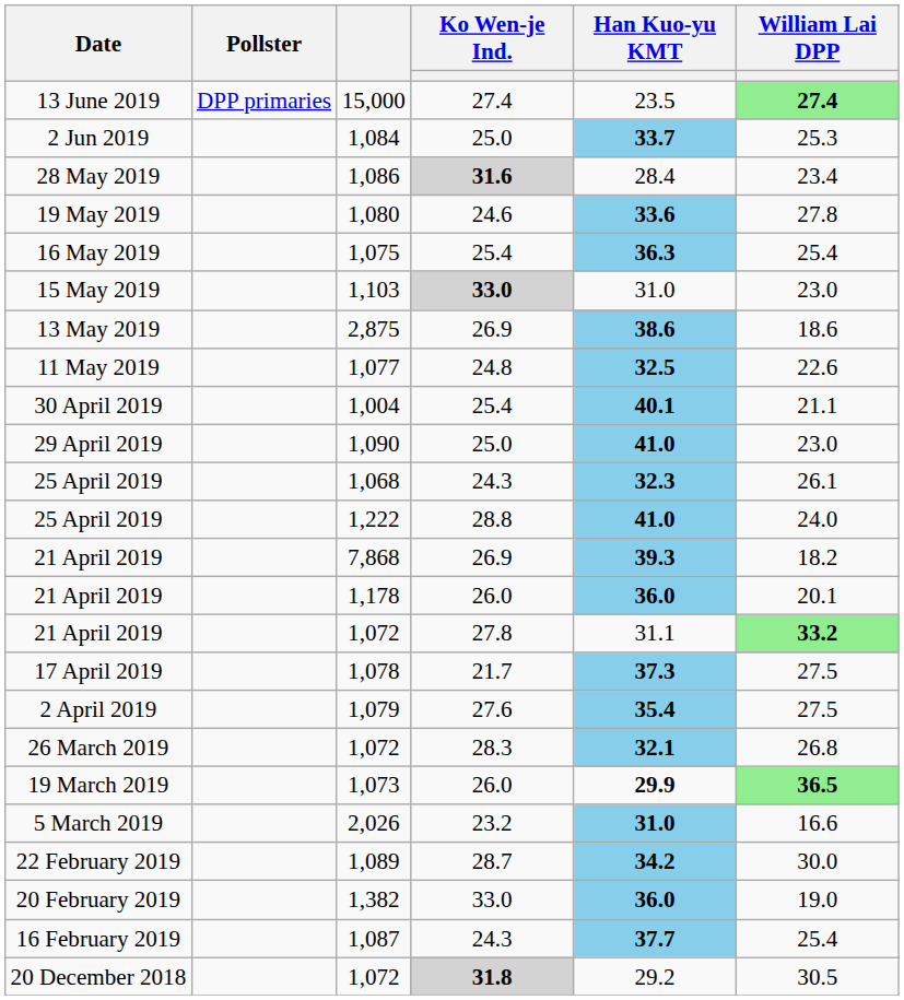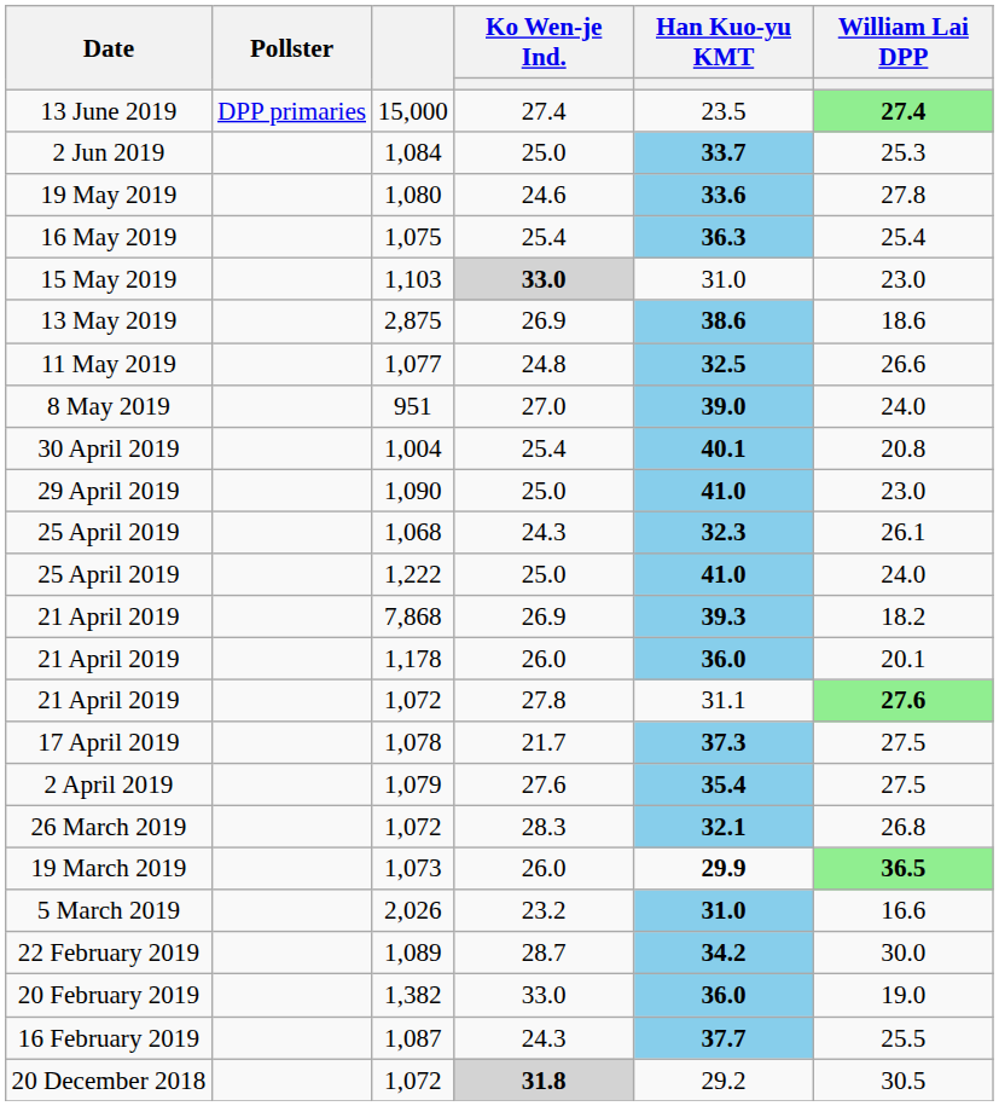 <table class="wikitable sortable collapsible" style="font-size:95%; text-align:center">
 <tr>
 <th rowspan=2>Date</th>
 <th rowspan=2>Pollster</th>
 <th rowspan=2></th>
 <th width=100px><a href='#'>Ko Wen-je</a><br><a href='#'>Ind.</a></th>
 <th width=100px><a href='#'>Han Kuo-yu</a><br><a href='#'>KMT</a></th>
 <th width=100px><a href='#'>William Lai</a><br><a href='#'>DPP</a></th>
 </tr>
 <tr>
 <th style="background:"></th>
 <th style="background:"></th>
 <th style="background:"></th>
 </tr>
 <tr>
 <td>13 June 2019</td>
 <td><a href='#'>DPP primaries</a></td>
 <td>15,000</td>
 <td>27.4</td>
 <td>23.5</td>
 <td style="background-color:lightgreen;"><strong>27.4</strong></td>
 </tr>
 <tr>
 <td>2 Jun 2019</td>
 <td></td>
 <td>1,084</td>
 <td>25.0</td>
 <td style="background-color:skyblue;"><strong>33.7</strong></td>
 <td>25.3</td>
-</tr>
-<tr>
-<td>28 May 2019</td>
-<td></td>
-<td>1,086</td>
-<td style="background-color:lightgrey;"><strong> 31.6</strong></td>
-<td>28.4</td>
-<td>23.4</td>
 </tr>
 <tr>
 <td>19 May 2019</td>
 <td></td>
 <td>1,080</td>
 <td>24.6</td>
 <td style="background-color:skyblue;"><strong>33.6</strong></td>
 <td>27.8</td>
 </tr>
 <tr>
 <td>16 May 2019</td>
 <td></td>
 <td>1,075</td>
 <td>25.4</td>
 <td style="background-color:skyblue;"><strong>36.3</strong></td>
 <td>25.4</td>
 </tr>
 <tr>
 <td>15 May 2019</td>
 <td></td>
 <td>1,103</td>
 <td style="background-color:lightgrey;"><strong> 33.0</strong></td>
 <td>31.0</td>
 <td>23.0</td>
 </tr>
 <tr>
 <td>13 May 2019</td>
 <td></td>
 <td>2,875</td>
 <td>26.9</td>
 <td style="background-color:skyblue;"><strong>38.6</strong></td>
 <td>18.6</td>
 </tr>
 <tr>
 <td>11 May 2019</td>
 <td></td>
 <td>1,077</td>
 <td>24.8</td>
 <td style="background-color:skyblue;"><strong>32.5</strong></td>
-<td>22.6</td>
+<td>26.6</td>
+</tr>
+<tr>
+<td>8 May 2019</td>
+<td></td>
+<td>951</td>
+<td>27.0</td>
+<td style="background-color:skyblue;"><strong>39.0</strong></td>
+<td>24.0</td>
 </tr>
 <tr>
 <td>30 April 2019</td>
 <td></td>
 <td>1,004</td>
 <td>25.4</td>
 <td style="background-color:skyblue;"><strong>40.1</strong></td>
-<td>21.1</td>
+<td>20.8</td>
 </tr>
 <tr>
 <td>29 April 2019</td>
 <td></td>
 <td>1,090</td>
 <td>25.0</td>
 <td style="background-color:skyblue;"><strong>41.0</strong></td>
 <td>23.0</td>
 </tr>
 <tr>
 <td>25 April 2019</td>
 <td></td>
 <td>1,068</td>
 <td>24.3</td>
 <td style="background-color:skyblue;"><strong>32.3</strong></td>
 <td>26.1</td>
 </tr>
 <tr>
 <td>25 April 2019</td>
 <td></td>
 <td>1,222</td>
-<td>28.8</td>
+<td>25.0</td>
 <td style="background-color:skyblue;"><strong>41.0</strong></td>
 <td>24.0</td>
 </tr>
 <tr>
 <td>21 April 2019</td>
 <td></td>
 <td>7,868</td>
 <td>26.9</td>
 <td style="background-color:skyblue;"><strong>39.3</strong></td>
 <td>18.2</td>
 </tr>
 <tr>
 <td>21 April 2019</td>
 <td></td>
 <td>1,178</td>
 <td>26.0</td>
 <td style="background-color:skyblue;"><strong>36.0</strong></td>
 <td>20.1</td>
 </tr>
 <tr>
 <td>21 April 2019</td>
 <td></td>
 <td>1,072</td>
 <td>27.8</td>
 <td>31.1</td>
-<td style="background-color:lightgreen;"><strong>33.2</strong></td>
+<td style="background-color:lightgreen;"><strong>27.6</strong></td>
 </tr>
 <tr>
 <td>17 April 2019</td>
 <td></td>
 <td>1,078</td>
 <td>21.7</td>
 <td style="background-color:skyblue;"><strong>37.3</strong></td>
 <td>27.5</td>
 </tr>
 <tr>
 <td>2 April 2019</td>
 <td></td>
 <td>1,079</td>
 <td>27.6</td>
 <td style="background-color:skyblue;"><strong>35.4</strong></td>
 <td>27.5</td>
 </tr>
 <tr>
 <td>26 March 2019</td>
 <td></td>
 <td>1,072</td>
 <td>28.3</td>
 <td style="background-color:skyblue;"><strong>32.1</strong></td>
 <td>26.8</td>
 </tr>
 <tr>
 <td>19 March 2019</td>
 <td></td>
 <td>1,073</td>
 <td>26.0</td>
 <td><strong>29.9</strong></td>
 <td style="background-color:lightgreen;"><strong>36.5</strong></td>
 </tr>
 <tr>
 <td>5 March 2019</td>
 <td></td>
 <td>2,026</td>
 <td>23.2</td>
 <td style="background-color:skyblue;"><strong>31.0</strong></td>
 <td>16.6</td>
 </tr>
 <tr>
 <td>22 February 2019</td>
 <td></td>
 <td>1,089</td>
 <td>28.7</td>
 <td style="background-color:skyblue;"><strong>34.2</strong></td>
 <td>30.0</td>
 </tr>
 <tr>
 <td>20 February 2019</td>
 <td></td>
 <td>1,382</td>
 <td>33.0</td>
 <td style="background-color:skyblue;"><strong>36.0</strong></td>
 <td>19.0</td>
 </tr>
 <tr>
 <td>16 February 2019</td>
 <td></td>
 <td>1,087</td>
 <td>24.3</td>
 <td style="background-color:skyblue;"><strong>37.7</strong></td>
-<td>25.4</td>
+<td>25.5</td>
 </tr>
 <tr>
 <td>20 December 2018</td>
 <td></td>
 <td>1,072</td>
 <td style="background-color:lightgrey;"><strong>31.8</strong></td>
 <td>29.2</td>
 <td>30.5</td>
 </tr>
 </table>
